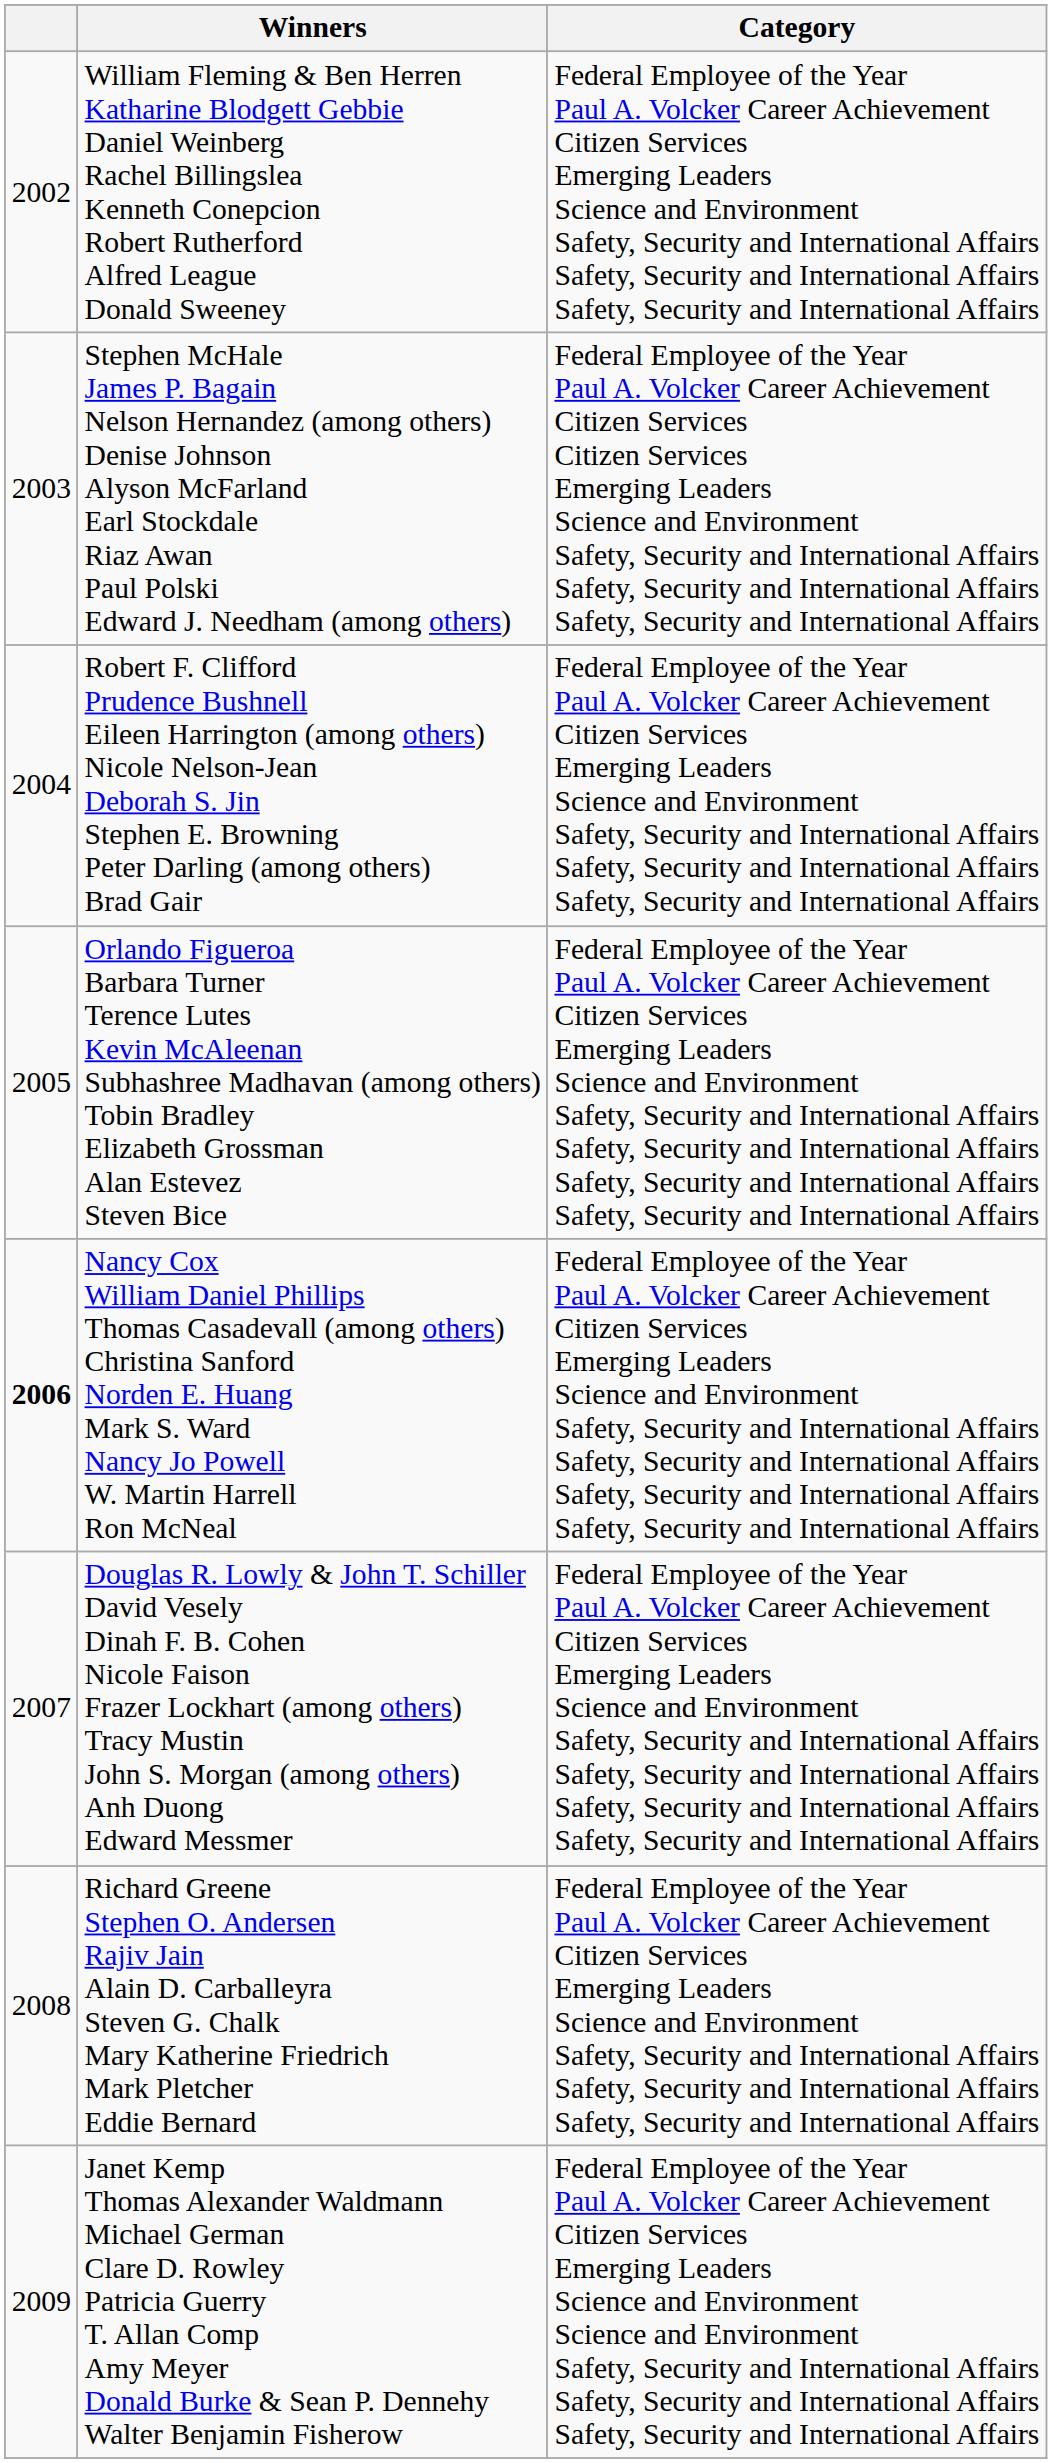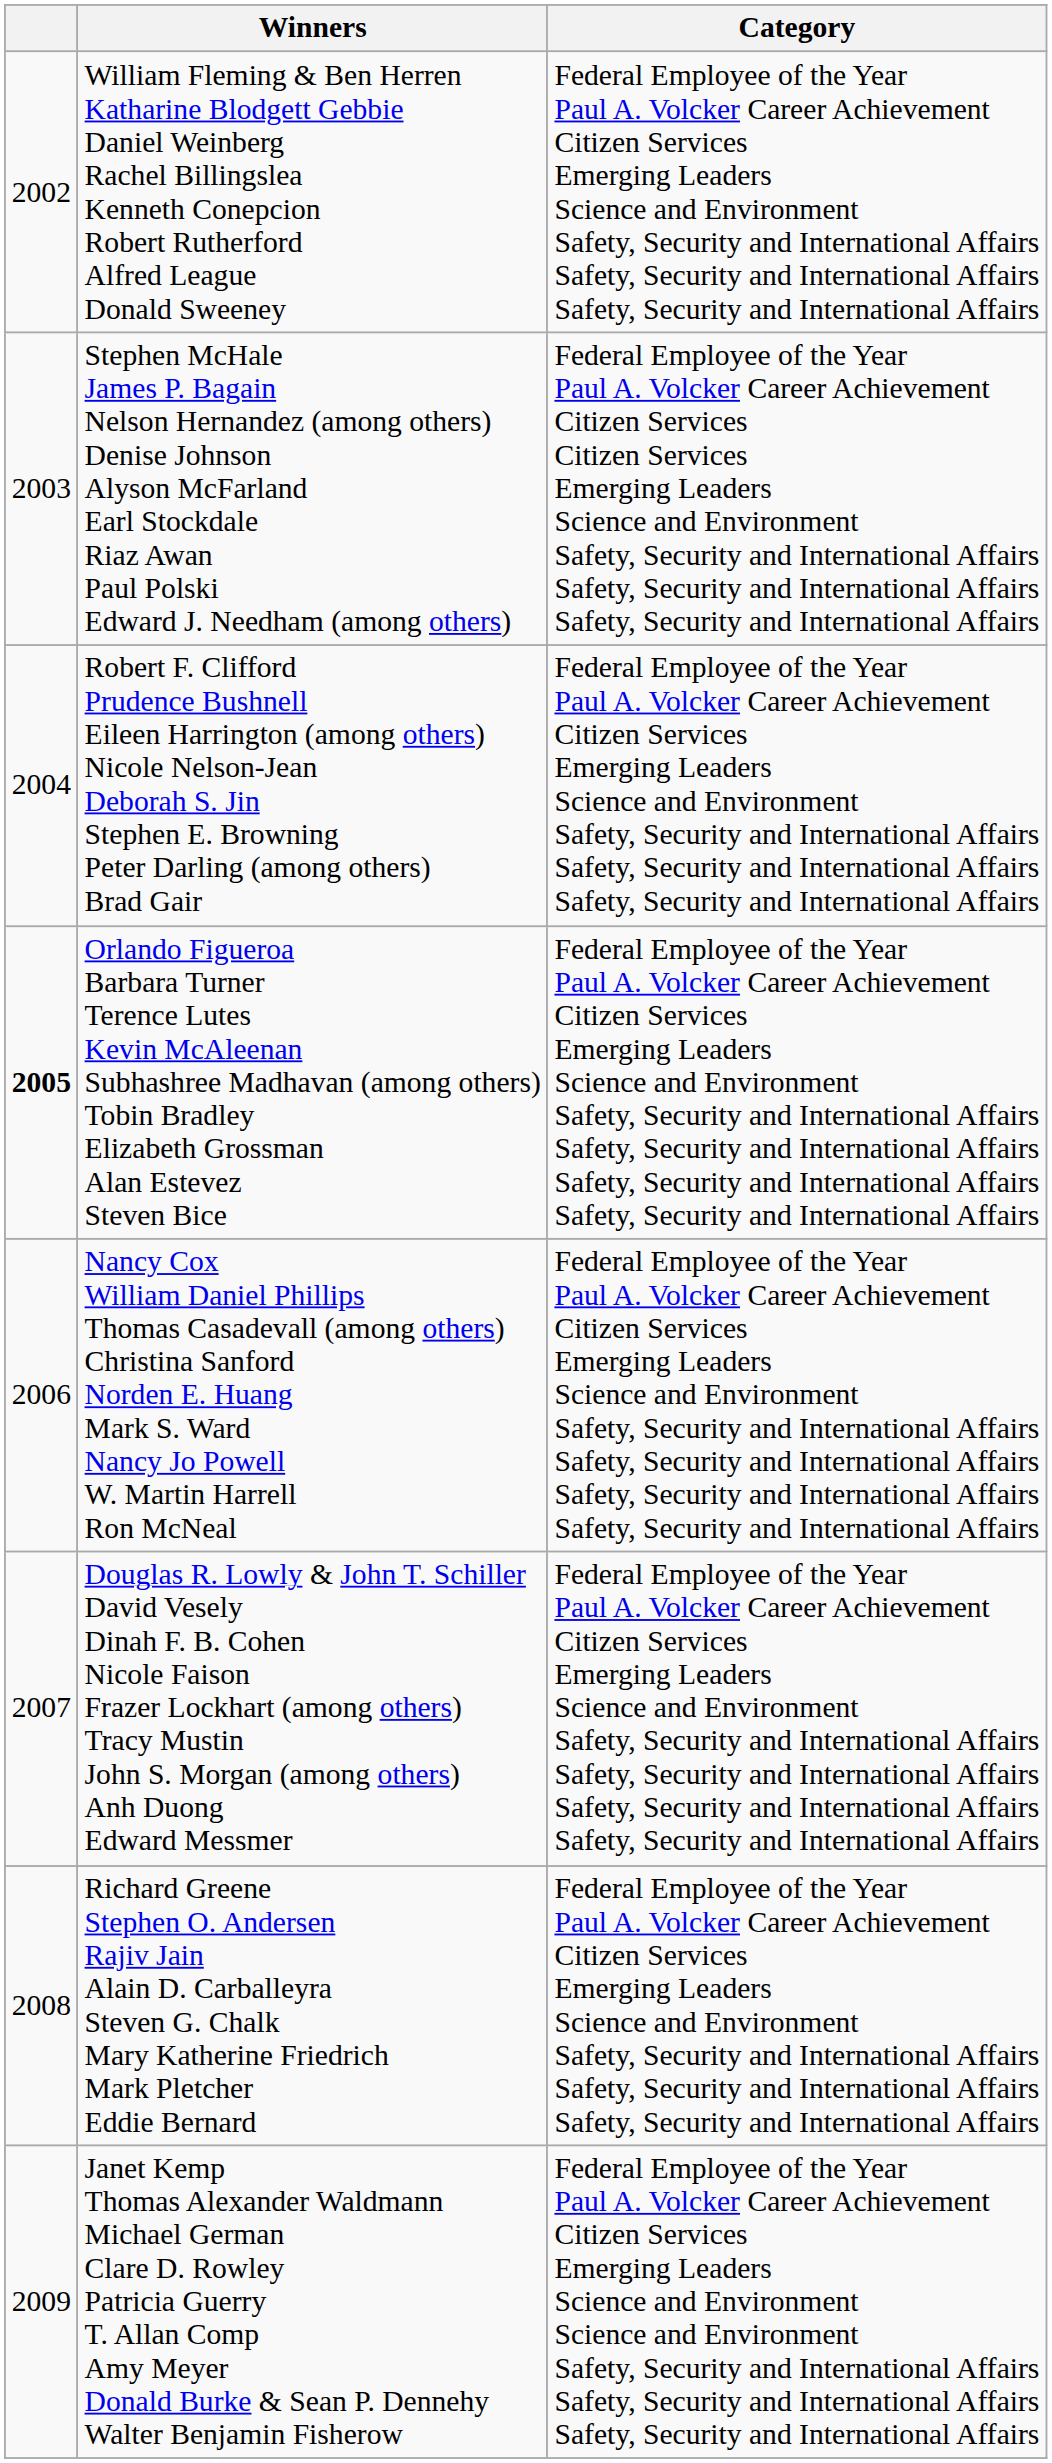 <table class="wikitable sortable mw-collapsible">
 <tr>
 <th></th>
 <th>Winners</th>
 <th>Category</th>
 </tr>
 <tr>
 <td>2002</td>
 <td>William Fleming & Ben Herren<br><a href='#'>Katharine Blodgett Gebbie</a><br>Daniel Weinberg<br>Rachel Billingslea<br>Kenneth Conepcion<br>Robert Rutherford<br>Alfred League<br>Donald Sweeney</td>
 <td>Federal Employee of the Year<br><a href='#'>Paul A. Volcker</a> Career Achievement<br>Citizen Services<br>Emerging Leaders<br>Science and Environment<br>Safety, Security and International Affairs<br>Safety, Security and International Affairs<br>Safety, Security and International Affairs</td>
 </tr>
 <tr>
 <td>2003</td>
 <td>Stephen McHale<br><a href='#'>James P. Bagain</a><br>Nelson Hernandez (among others)<br>Denise Johnson<br>Alyson McFarland<br>Earl Stockdale<br>Riaz Awan<br>Paul Polski<br>Edward J. Needham (among <a href='#'>others</a>)</td>
 <td>Federal Employee of the Year<br><a href='#'>Paul A. Volcker</a> Career Achievement<br>Citizen Services<br>Citizen Services<br>Emerging Leaders<br>Science and Environment<br>Safety, Security and International Affairs<br>Safety, Security and International Affairs<br>Safety, Security and International Affairs</td>
 </tr>
 <tr>
 <td>2004</td>
 <td>Robert F. Clifford<br><a href='#'>Prudence Bushnell</a><br>Eileen Harrington (among <a href='#'>others</a>)<br>Nicole Nelson-Jean<br><a href='#'>Deborah S. Jin</a><br>Stephen E. Browning<br>Peter Darling (among others)<br>Brad Gair</td>
 <td>Federal Employee of the Year<br><a href='#'>Paul A. Volcker</a> Career Achievement<br>Citizen Services<br>Emerging Leaders<br>Science and Environment<br>Safety, Security and International Affairs<br>Safety, Security and International Affairs<br>Safety, Security and International Affairs</td>
 </tr>
 <tr>
-<td>2005</td>
+<td><strong>2005</strong></td>
 <td><a href='#'>Orlando Figueroa</a><br>Barbara Turner<br>Terence Lutes<br><a href='#'>Kevin McAleenan</a><br>Subhashree Madhavan (among others)<br>Tobin Bradley<br>Elizabeth Grossman<br>Alan Estevez<br>Steven Bice</td>
 <td>Federal Employee of the Year<br><a href='#'>Paul A. Volcker</a> Career Achievement<br>Citizen Services<br>Emerging Leaders<br>Science and Environment<br>Safety, Security and International Affairs<br>Safety, Security and International Affairs<br>Safety, Security and International Affairs<br>Safety, Security and International Affairs</td>
 </tr>
 <tr>
-<td><strong>2006</strong></td>
+<td>2006</td>
 <td><a href='#'>Nancy Cox</a><br><a href='#'>William Daniel Phillips</a><br>Thomas Casadevall (among <a href='#'>others</a>)<br>Christina Sanford<br><a href='#'>Norden E. Huang</a><br>Mark S. Ward<br><a href='#'>Nancy Jo Powell</a><br>W. Martin Harrell<br>Ron McNeal</td>
 <td>Federal Employee of the Year<br><a href='#'>Paul A. Volcker</a> Career Achievement<br>Citizen Services<br>Emerging Leaders<br>Science and Environment<br>Safety, Security and International Affairs<br>Safety, Security and International Affairs<br>Safety, Security and International Affairs<br>Safety, Security and International Affairs</td>
 </tr>
 <tr>
 <td>2007</td>
 <td><a href='#'>Douglas R. Lowly</a> & <a href='#'>John T. Schiller</a><br>David Vesely<br>Dinah F. B. Cohen<br>Nicole Faison<br>Frazer Lockhart (among <a href='#'>others</a>)<br>Tracy Mustin<br>John S. Morgan (among <a href='#'>others</a>)<br>Anh Duong<br>Edward Messmer</td>
 <td>Federal Employee of the Year<br><a href='#'>Paul A. Volcker</a> Career Achievement<br>Citizen Services<br>Emerging Leaders<br>Science and Environment<br>Safety, Security and International Affairs<br>Safety, Security and International Affairs<br>Safety, Security and International Affairs<br>Safety, Security and International Affairs</td>
 </tr>
 <tr>
 <td>2008</td>
 <td>Richard Greene<br><a href='#'>Stephen O. Andersen</a><br><a href='#'>Rajiv Jain</a><br>Alain D. Carballeyra<br>Steven G. Chalk<br>Mary Katherine Friedrich<br>Mark Pletcher<br>Eddie Bernard</td>
 <td>Federal Employee of the Year<br><a href='#'>Paul A. Volcker</a> Career Achievement<br>Citizen Services<br>Emerging Leaders<br>Science and Environment<br>Safety, Security and International Affairs<br>Safety, Security and International Affairs<br>Safety, Security and International Affairs</td>
 </tr>
 <tr>
 <td>2009</td>
 <td>Janet Kemp<br>Thomas Alexander Waldmann<br>Michael German<br>Clare D. Rowley<br>Patricia Guerry<br>T. Allan Comp<br>Amy Meyer<br><a href='#'>Donald Burke</a> & Sean P. Dennehy<br>Walter Benjamin Fisherow</td>
 <td>Federal Employee of the Year<br><a href='#'>Paul A. Volcker</a> Career Achievement<br>Citizen Services<br>Emerging Leaders<br>Science and Environment<br>Science and Environment<br>Safety, Security and International Affairs<br>Safety, Security and International Affairs<br>Safety, Security and International Affairs</td>
 </tr>
 </table>
